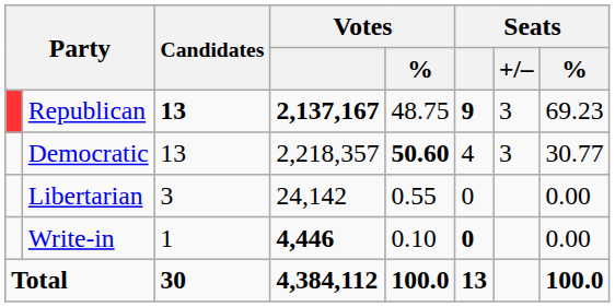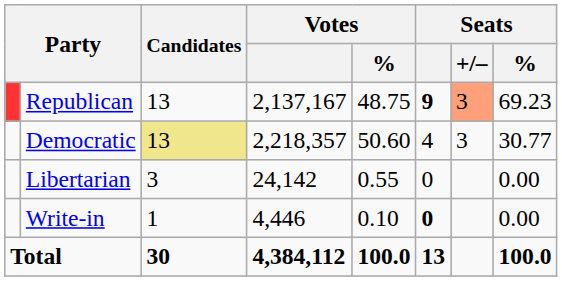 <table class="wikitable" style="font-size: 95%;">
 <tr>
 <th colspan="2" rowspan="2">Party</th>
 <th rowspan="2"><small>Candi</small><small>dates</small></th>
 <th colspan="2">Votes</th>
 <th colspan="3">Seats</th>
 </tr>
 <tr>
 <th></th>
 <th>%</th>
 <th></th>
 <th>+/–</th>
 <th>%</th>
 </tr>
 <tr>
 <th style="background-color:#FF3333; width: 3px"></th>
 <td align="left"><a href='#'>Republican</a></td>
-<td><strong>13</strong></td>
-<td><strong>2,137,167</strong></td>
+<td>13</td>
+<td>2,137,167</td>
 <td>48.75</td>
 <td><strong>9</strong></td>
-<td> 3</td>
+<td style="background: lightsalmon;"> 3</td>
 <td>69.23</td>
 </tr>
 <tr>
 <td style="background:"></td>
 <td align="left"><a href='#'>Democratic</a></td>
-<td>13</td>
+<td style="background: khaki;">13</td>
 <td>2,218,357</td>
-<td><strong>50.60</strong></td>
+<td>50.60</td>
 <td>4</td>
 <td> 3</td>
 <td>30.77</td>
 </tr>
 <tr>
 <td style="background:"></td>
 <td align="left"><a href='#'>Libertarian</a></td>
 <td>3</td>
 <td>24,142</td>
 <td>0.55</td>
 <td>0</td>
 <td></td>
 <td>0.00</td>
 </tr>
 <tr>
 <td style="background:"></td>
 <td align="left"><a href='#'>Write-in</a></td>
 <td>1</td>
-<td><strong>4,446</strong></td>
+<td>4,446</td>
 <td>0.10</td>
 <td><strong>0</strong></td>
 <td></td>
 <td>0.00</td>
 </tr>
 <tr style="font-weight:bold">
 <td colspan="2" align="left">Total</td>
 <td>30</td>
 <td>4,384,112</td>
 <td>100.0</td>
 <td>13</td>
 <td></td>
 <td>100.0</td>
 </tr>
 </table>
